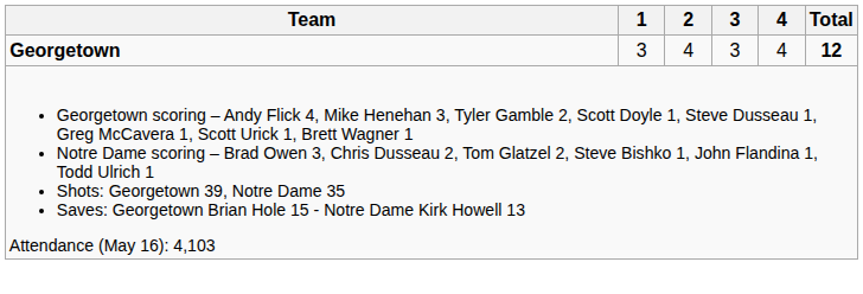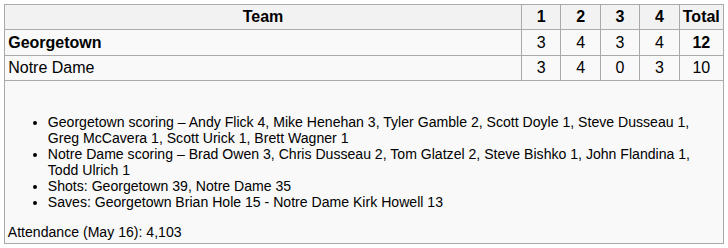 <table class="wikitable" style="text-align:center; max-width:45em">
 <tr>
 <th>Team</th>
 <th style="width:2em">1</th>
 <th style="width:2em">2</th>
 <th style="width:2em">3</th>
 <th style="width:2em">4</th>
 <th style="width:2em">Total</th>
 </tr>
 <tr>
 <td style="text-align:left"><strong>Georgetown</strong></td>
 <td>3</td>
 <td>4</td>
 <td>3</td>
 <td>4</td>
 <td><strong>12</strong></td>
 </tr>
 <tr>
+<td style="text-align:left">Notre Dame</td>
+<td>3</td>
+<td>4</td>
+<td>0</td>
+<td>3</td>
+<td>10</td>
+</tr>
+<tr>
 <td colspan=6 style="text-align:left; font-size:88%;"><br><ul><li>Georgetown scoring – Andy Flick 4, Mike Henehan 3, Tyler Gamble 2, Scott Doyle 1, Steve Dusseau 1, Greg McCavera 1, Scott Urick 1, Brett Wagner 1</li><li>Notre Dame scoring – Brad Owen 3, Chris Dusseau 2, Tom Glatzel 2, Steve Bishko 1, John Flandina 1, Todd Ulrich 1</li><li>Shots: Georgetown 39, Notre Dame 35</li><li>Saves: Georgetown Brian Hole 15 - Notre Dame Kirk Howell 13</li></ul>Attendance (May 16): 4,103 </td>
 </tr>
 </table>
